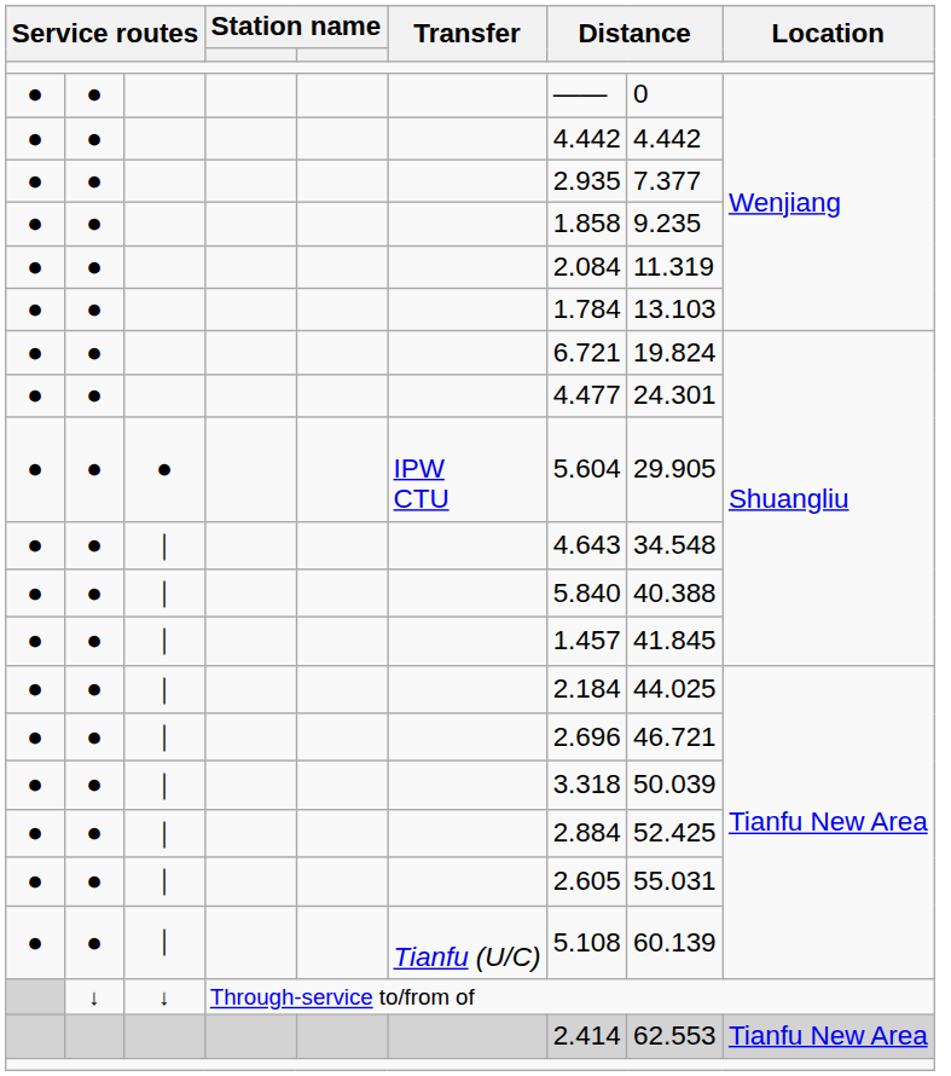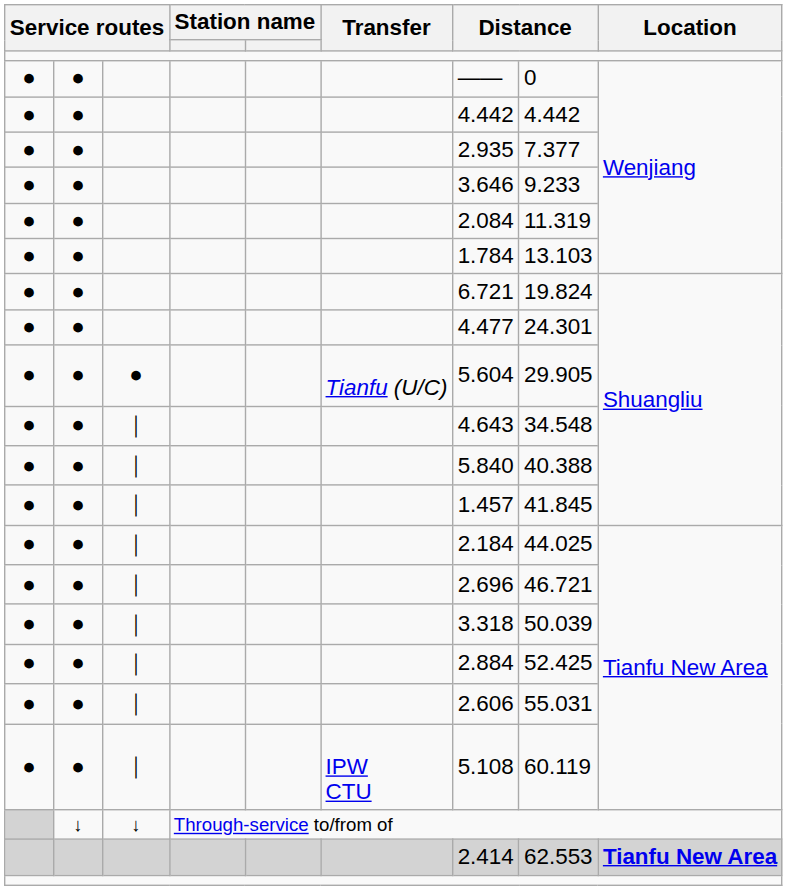 <table class="wikitable">
 <tr>
 <th colspan="3" rowspan="2">Service routes</th>
 <th colspan=2>Station name</th>
 <th rowspan=2>Transfer</th>
 <th colspan="2" rowspan="2">Distance<br></th>
 <th rowspan=2>Location</th>
 </tr>
 <tr>
 <th></th>
 <th></th>
 </tr>
 <tr style="background:#">
 <td colspan="10"></td>
 </tr>
 <tr>
 <td align="center">●</td>
 <td align="center">●</td>
 <td align="center"></td>
 <td></td>
 <td></td>
 <td></td>
 <td>——</td>
 <td>0</td>
 <td rowspan="6"><a href='#'>Wenjiang</a></td>
 </tr>
 <tr>
 <td align="center">●</td>
 <td align="center">●</td>
 <td align="center"></td>
 <td></td>
 <td></td>
 <td></td>
 <td>4.442</td>
 <td>4.442</td>
 </tr>
 <tr>
 <td align="center">●</td>
 <td align="center">●</td>
 <td align="center"></td>
 <td></td>
 <td></td>
 <td></td>
 <td>2.935</td>
 <td>7.377</td>
 </tr>
 <tr>
 <td align="center">●</td>
 <td align="center">●</td>
 <td align="center"></td>
 <td></td>
 <td></td>
 <td></td>
-<td>1.858</td>
-<td>9.235</td>
+<td>3.646</td>
+<td>9.233</td>
 </tr>
 <tr>
 <td align="center">●</td>
 <td align="center">●</td>
 <td align="center"></td>
 <td></td>
 <td></td>
 <td></td>
 <td>2.084</td>
 <td>11.319</td>
 </tr>
 <tr>
 <td align="center">●</td>
 <td align="center">●</td>
 <td align="center"></td>
 <td></td>
 <td></td>
 <td></td>
 <td>1.784</td>
 <td>13.103</td>
 </tr>
 <tr>
 <td align="center">●</td>
 <td align="center">●</td>
 <td align="center"></td>
 <td></td>
 <td></td>
 <td></td>
 <td>6.721</td>
 <td>19.824</td>
 <td rowspan="6"><a href='#'>Shuangliu</a></td>
 </tr>
 <tr>
 <td align="center">●</td>
 <td align="center">●</td>
 <td align="center"></td>
 <td></td>
 <td></td>
 <td></td>
 <td>4.477</td>
 <td>24.301</td>
 </tr>
 <tr>
 <td align="center">●</td>
 <td align="center">●</td>
 <td align="center">●</td>
 <td></td>
 <td></td>
-<td><br> <a href='#'>IPW</a><br> <a href='#'>CTU</a></td>
+<td><br> <em><a href='#'>Tianfu</a> (U/C)</em></td>
 <td>5.604</td>
 <td>29.905</td>
 </tr>
 <tr>
 <td align="center">●</td>
 <td align="center">●</td>
 <td align="center">｜</td>
 <td></td>
 <td></td>
 <td></td>
 <td>4.643</td>
 <td>34.548</td>
 </tr>
 <tr>
 <td align="center">●</td>
 <td align="center">●</td>
 <td align="center">｜</td>
 <td></td>
 <td></td>
 <td></td>
 <td>5.840</td>
 <td>40.388</td>
 </tr>
 <tr>
 <td align="center">●</td>
 <td align="center">●</td>
 <td align="center">｜</td>
 <td></td>
 <td></td>
 <td></td>
 <td>1.457</td>
 <td>41.845</td>
 </tr>
 <tr>
 <td align="center">●</td>
 <td align="center">●</td>
 <td align="center">｜</td>
 <td></td>
 <td></td>
 <td></td>
 <td>2.184</td>
 <td>44.025</td>
 <td rowspan="6"><a href='#'>Tianfu New Area</a></td>
 </tr>
 <tr>
 <td align="center">●</td>
 <td align="center">●</td>
 <td align="center">｜</td>
 <td></td>
 <td></td>
 <td></td>
 <td>2.696</td>
 <td>46.721</td>
 </tr>
 <tr>
 <td align="center">●</td>
 <td align="center">●</td>
 <td align="center">｜</td>
 <td></td>
 <td></td>
 <td></td>
 <td>3.318</td>
 <td>50.039</td>
 </tr>
 <tr>
 <td align="center">●</td>
 <td align="center">●</td>
 <td align="center">｜</td>
 <td></td>
 <td></td>
 <td></td>
 <td>2.884</td>
 <td>52.425</td>
 </tr>
 <tr>
 <td align="center">●</td>
 <td align="center">●</td>
 <td align="center">｜</td>
 <td></td>
 <td></td>
 <td></td>
-<td>2.605</td>
+<td>2.606</td>
 <td>55.031</td>
 </tr>
 <tr>
 <td align="center">●</td>
 <td align="center">●</td>
 <td align="center">｜</td>
 <td></td>
 <td></td>
-<td><br> <em><a href='#'>Tianfu</a> (U/C)</em></td>
+<td><br> <a href='#'>IPW</a><br> <a href='#'>CTU</a></td>
 <td>5.108</td>
-<td>60.139</td>
+<td>60.119</td>
 </tr>
 <tr style="font-size:smaller">
 <td align="center" style="background:lightgrey"></td>
 <td align="center" style="background:#">↓</td>
 <td align="center" style="background:#">↓</td>
 <td colspan="7"><a href='#'>Through-service</a> to/from  of </td>
 </tr>
 <tr style="background:lightgrey">
 <td></td>
 <td></td>
 <td></td>
 <td></td>
 <td></td>
 <td></td>
 <td>2.414</td>
 <td>62.553</td>
-<td><a href='#'>Tianfu New Area</a></td>
+<td><strong><a href='#'>Tianfu New Area</a></strong></td>
 </tr>
 <tr style="background:#">
 <td colspan="10"></td>
 </tr>
 </table>
